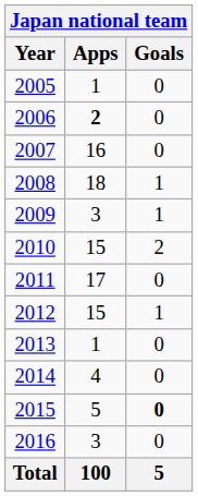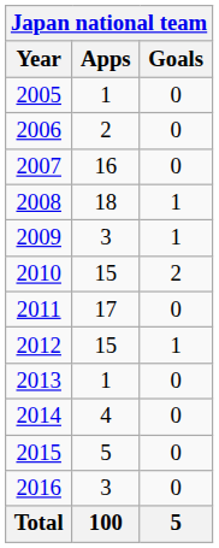 <table class="wikitable" style="text-align:center">
 <tr>
 <th colspan=3><a href='#'>Japan national team</a></th>
 </tr>
 <tr>
 <th>Year</th>
 <th>Apps</th>
 <th>Goals</th>
 </tr>
 <tr>
 <td><a href='#'>2005</a></td>
 <td>1</td>
 <td>0</td>
 </tr>
 <tr>
 <td><a href='#'>2006</a></td>
-<td><strong>2</strong></td>
+<td>2</td>
 <td>0</td>
 </tr>
 <tr>
 <td><a href='#'>2007</a></td>
 <td>16</td>
 <td>0</td>
 </tr>
 <tr>
 <td><a href='#'>2008</a></td>
 <td>18</td>
 <td>1</td>
 </tr>
 <tr>
 <td><a href='#'>2009</a></td>
 <td>3</td>
 <td>1</td>
 </tr>
 <tr>
 <td><a href='#'>2010</a></td>
 <td>15</td>
 <td>2</td>
 </tr>
 <tr>
 <td><a href='#'>2011</a></td>
 <td>17</td>
 <td>0</td>
 </tr>
 <tr>
 <td><a href='#'>2012</a></td>
 <td>15</td>
 <td>1</td>
 </tr>
 <tr>
 <td><a href='#'>2013</a></td>
 <td>1</td>
 <td>0</td>
 </tr>
 <tr>
 <td><a href='#'>2014</a></td>
 <td>4</td>
 <td>0</td>
 </tr>
 <tr>
 <td><a href='#'>2015</a></td>
 <td>5</td>
-<td><strong>0</strong></td>
+<td>0</td>
 </tr>
 <tr>
 <td><a href='#'>2016</a></td>
 <td>3</td>
 <td>0</td>
 </tr>
 <tr>
 <th>Total</th>
 <th>100</th>
 <th>5</th>
 </tr>
 </table>
